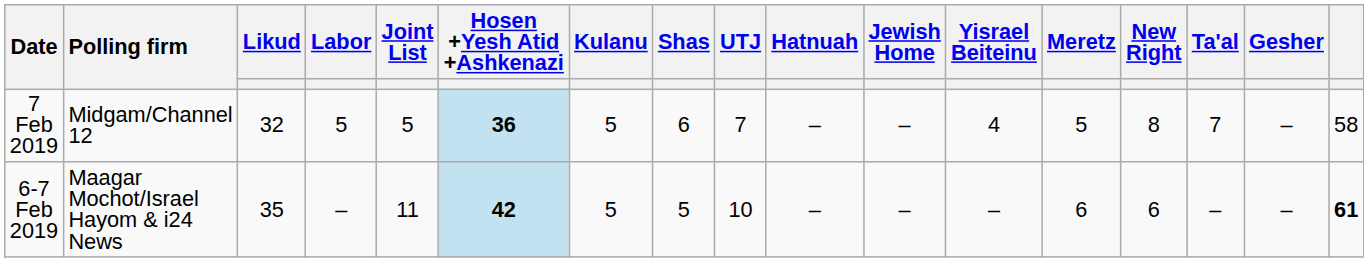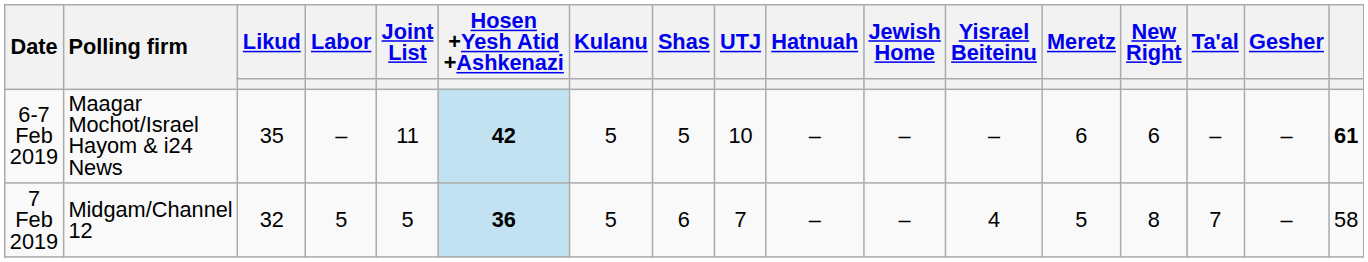 <table class="wikitable" style="text-align:center; font-size:90%; line-height:14px;">
 <tr>
 <th rowspan="2">Date</th>
 <th style="width:180px;text-align:left;" rowspan="2">Polling firm</th>
 <th><a href='#'>Likud</a></th>
 <th><a href='#'>Labor</a></th>
 <th><a href='#'>Joint<br>List</a></th>
 <th><a href='#'>Hosen</a><br>+<a href='#'>Yesh Atid</a><br>+<a href='#'>Ashkenazi</a></th>
 <th><a href='#'>Kulanu</a></th>
 <th><a href='#'>Shas</a></th>
 <th><a href='#'>UTJ</a></th>
 <th><a href='#'>Hatnuah</a></th>
 <th><a href='#'>Jewish<br>Home</a></th>
 <th><a href='#'>Yisrael<br>Beiteinu</a></th>
 <th><a href='#'>Meretz</a></th>
 <th><a href='#'>New Right</a></th>
 <th><a href='#'>Ta'al</a></th>
 <th><a href='#'>Gesher</a></th>
 <th style="width:20px;"></th>
 </tr>
 <tr>
 <th style="color:inherit;background:"></th>
 <th style="color:inherit;background:"></th>
 <th style="color:inherit;background:"></th>
 <th style="color:inherit;background:"></th>
 <th style="color:inherit;background:"></th>
 <th style="color:inherit;background:"></th>
 <th style="color:inherit;background:"></th>
 <th style="color:inherit;background:"></th>
 <th style="color:inherit;background:"></th>
 <th style="color:inherit;background:"></th>
 <th style="color:inherit;background:"></th>
 <th style="color:inherit;background:"></th>
 <th style="color:inherit;background:"></th>
 <th style="color:inherit;background:"></th>
 <th style="color:inherit;background:"></th>
 </tr>
 <tr>
+<td>6-7 Feb 2019</td>
+<td style="text-align:left;">Maagar Mochot/Israel Hayom & i24 News</td>
+<td>35					</td>
+<td>–					</td>
+<td>11					</td>
+<td style="background:#C3E2F1;"><strong>42</strong>	</td>
+<td>5					</td>
+<td>5					</td>
+<td>10					</td>
+<td>–					</td>
+<td>–					</td>
+<td>–					</td>
+<td>6					</td>
+<td>6					</td>
+<td>–					</td>
+<td>–					</td>
+<td style="background:"><strong>61</strong>	</td>
+</tr>
+<tr>
 <td>7 Feb 2019</td>
 <td style="text-align:left;">Midgam/Channel 12</td>
 <td>32					</td>
 <td>5					</td>
 <td>5					</td>
 <td style="background:#C3E2F1;"><strong>36</strong>	</td>
 <td>5					</td>
 <td>6					</td>
 <td>7					</td>
 <td>–					</td>
 <td>–					</td>
 <td>4					</td>
 <td>5					</td>
 <td>8					</td>
 <td>7					</td>
 <td>–					</td>
 <td>58					</td>
 </tr>
-<tr>
-<td>6-7 Feb 2019</td>
-<td style="text-align:left;">Maagar Mochot/Israel Hayom & i24 News</td>
-<td>35					</td>
-<td>–					</td>
-<td>11					</td>
-<td style="background:#C3E2F1;"><strong>42</strong>	</td>
-<td>5					</td>
-<td>5					</td>
-<td>10					</td>
-<td>–					</td>
-<td>–					</td>
-<td>–					</td>
-<td>6					</td>
-<td>6					</td>
-<td>–					</td>
-<td>–					</td>
-<td style="background:"><strong>61</strong>	</td>
-</tr>
 </table>
